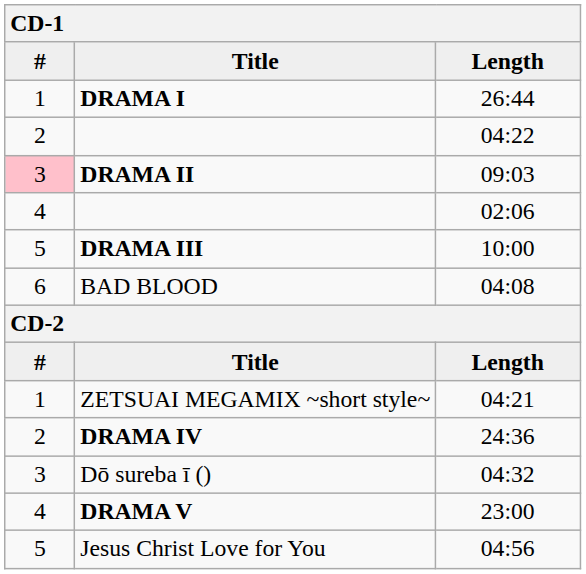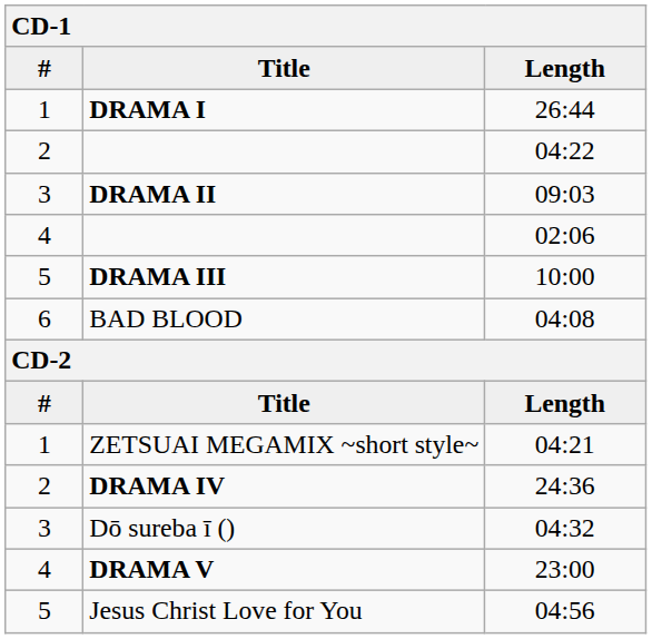 <table class="wikitable" style="text-align:center;" cellpadding="1" cellspacing="1">
 <tr>
 <th colspan="5" style="text-align:left">CD-1</th>
 </tr>
 <tr>
 <th style="background:#efefef" width="40px">#</th>
 <th style="background:#efefef">Title</th>
 <th style="background:#efefef" width="90px">Length</th>
 </tr>
 <tr>
 <td>1</td>
 <th style="text-align:left; background:#F9F9F9">DRAMA I</th>
 <td>26:44</td>
 </tr>
 <tr>
 <td>2</td>
 <th style="text-align:left; background:#F9F9F9; font-weight: normal;"></th>
 <td>04:22</td>
 </tr>
 <tr>
-<td style="background: pink;">3</td>
+<td>3</td>
 <th style="text-align:left; background:#F9F9F9">DRAMA II</th>
 <td>09:03</td>
 </tr>
 <tr>
 <td>4</td>
 <th style="text-align:left; background:#F9F9F9; font-weight: normal;"></th>
 <td>02:06</td>
 </tr>
 <tr>
 <td>5</td>
 <th style="text-align:left; background:#F9F9F9">DRAMA III</th>
 <td>10:00</td>
 </tr>
 <tr>
 <td>6</td>
 <th style="text-align:left; background:#F9F9F9; font-weight: normal;">BAD BLOOD</th>
 <td>04:08</td>
 </tr>
 <tr>
 <th colspan="5" style="text-align:left">CD-2</th>
 </tr>
 <tr>
 <th style="background:#efefef" width="40px">#</th>
 <th style="background:#efefef">Title</th>
 <th style="background:#efefef" width="90px">Length</th>
 </tr>
 <tr>
 <td>1</td>
 <th style="text-align:left; background:#F9F9F9; font-weight: normal;">ZETSUAI MEGAMIX ~short style~</th>
 <td>04:21</td>
 </tr>
 <tr>
 <td>2</td>
 <th style="text-align:left; background:#F9F9F9">DRAMA IV</th>
 <td>24:36</td>
 </tr>
 <tr>
 <td>3</td>
 <th style="text-align:left; background:#F9F9F9; font-weight: normal;">Dō sureba ī ()</th>
 <td>04:32</td>
 </tr>
 <tr>
 <td>4</td>
 <th style="text-align:left; background:#F9F9F9">DRAMA V</th>
 <td>23:00</td>
 </tr>
 <tr>
 <td>5</td>
 <th style="text-align:left; background:#F9F9F9; font-weight: normal;">Jesus Christ Love for You</th>
 <td>04:56</td>
 </tr>
 </table>
